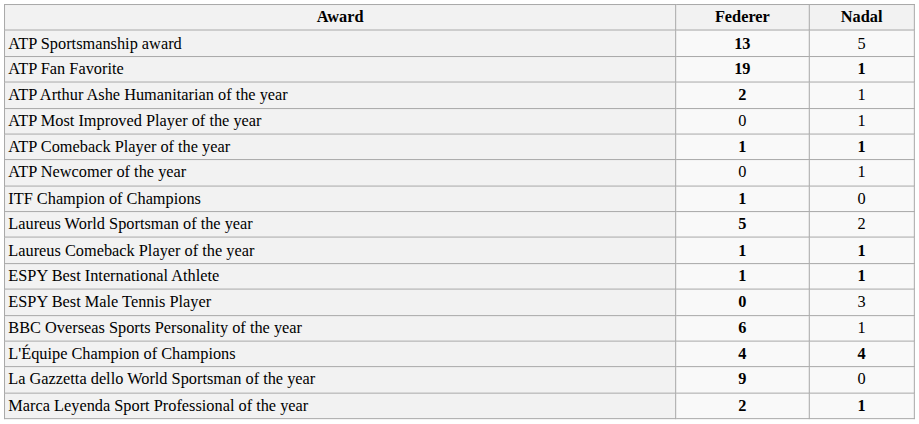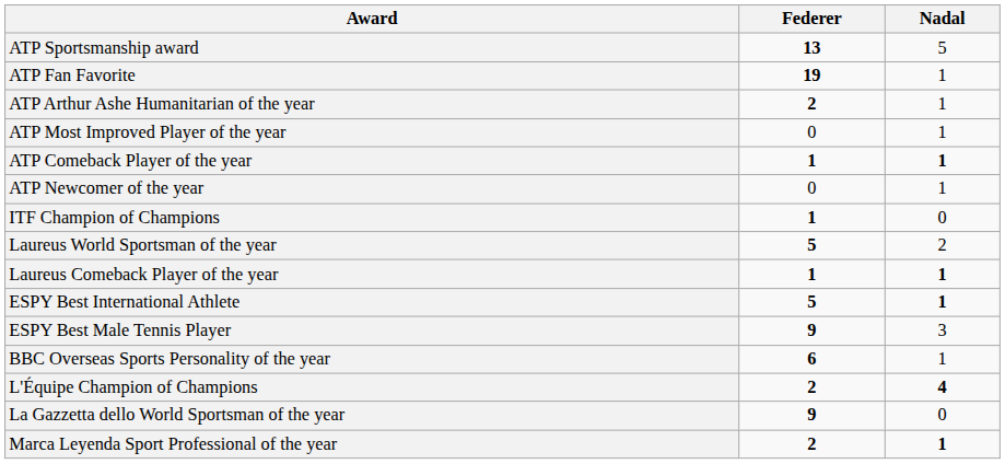 <table class=wikitable style="width:45%; vertical-align:top; text-align:center;">
 <tr>
 <th>Award</th>
 <th>Federer</th>
 <th>Nadal</th>
 </tr>
 <tr>
 <td style="background:#F2F2F2; text-align: left;">ATP Sportsmanship award</td>
 <td><strong>13</strong></td>
 <td>5</td>
 </tr>
 <tr>
 <td style="background:#F2F2F2; text-align: left;">ATP Fan Favorite</td>
 <td><strong>19</strong></td>
-<td><strong>1</strong></td>
+<td>1</td>
 </tr>
 <tr>
 <td style="background:#F2F2F2; text-align: left;">ATP Arthur Ashe Humanitarian of the year</td>
 <td><strong>2</strong></td>
 <td>1</td>
 </tr>
 <tr>
 <td style="background:#F2F2F2; text-align: left;">ATP Most Improved Player of the year</td>
 <td>0</td>
 <td>1</td>
 </tr>
 <tr>
 <td style="background:#F2F2F2; text-align: left;">ATP Comeback Player of the year</td>
 <td><strong>1</strong></td>
 <td><strong>1</strong></td>
 </tr>
 <tr>
 <td style="background:#F2F2F2; text-align: left;">ATP Newcomer of the year</td>
 <td>0</td>
 <td>1</td>
 </tr>
 <tr>
 <td style="background:#F2F2F2; text-align: left;">ITF Champion of Champions</td>
 <td><strong>1</strong></td>
 <td>0</td>
 </tr>
 <tr>
 <td style="background:#F2F2F2; text-align: left;">Laureus World Sportsman of the year</td>
 <td><strong>5</strong></td>
 <td>2</td>
 </tr>
 <tr>
 <td style="background:#F2F2F2; text-align: left;">Laureus Comeback Player of the year</td>
 <td><strong>1</strong></td>
 <td><strong>1</strong></td>
 </tr>
 <tr>
 <td style="background:#F2F2F2; text-align: left;">ESPY Best International Athlete</td>
-<td><strong>1</strong></td>
+<td><strong>5</strong></td>
 <td><strong>1</strong></td>
 </tr>
 <tr>
 <td style="background:#F2F2F2; text-align: left;">ESPY Best Male Tennis Player</td>
-<td><strong>0</strong></td>
+<td><strong>9</strong></td>
 <td>3</td>
 </tr>
 <tr>
 <td style="background:#F2F2F2; text-align: left;">BBC Overseas Sports Personality of the year</td>
 <td><strong>6</strong></td>
 <td>1</td>
 </tr>
 <tr>
 <td style="background:#F2F2F2; text-align: left;">L'Équipe Champion of Champions</td>
-<td><strong>4</strong></td>
+<td><strong>2</strong></td>
 <td><strong>4</strong></td>
 </tr>
 <tr>
 <td style="background:#F2F2F2; text-align: left;">La Gazzetta dello World Sportsman of the year</td>
 <td><strong>9</strong></td>
 <td>0</td>
 </tr>
 <tr>
 <td style="background:#F2F2F2; text-align: left;">Marca Leyenda Sport Professional of the year</td>
 <td><strong>2</strong></td>
 <td><strong>1</strong></td>
 </tr>
 </table>
